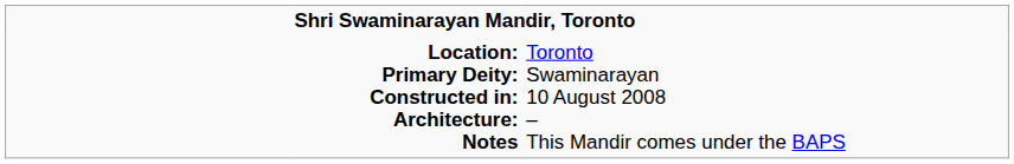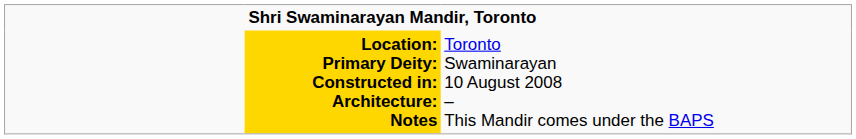 <table class="wikitable plain" border="0" width="800">
 <tr>
 <td width="220px" rowspan="2" style="border:none;"></td>
 <td valign="top" colspan=2 style="border:none;"><strong>Shri Swaminarayan Mandir, Toronto</strong></td>
 </tr>
 <tr>
-<td valign="top" style="text-align:right; border:none;"><strong>Location:</strong> <br><strong>Primary Deity:</strong><br><strong>Constructed in:</strong><br><strong>Architecture:</strong><br><strong>Notes</strong></td>
+<td valign="top" style="background: gold; text-align:right; border:none;"><strong>Location:</strong> <br><strong>Primary Deity:</strong><br><strong>Constructed in:</strong><br><strong>Architecture:</strong><br><strong>Notes</strong></td>
 <td valign="top" style="border:none;"><a href='#'>Toronto</a> <br> Swaminarayan <br> 10 August 2008 <br>– <br>This Mandir comes under the <a href='#'>BAPS</a></td>
 </tr>
 </table>
